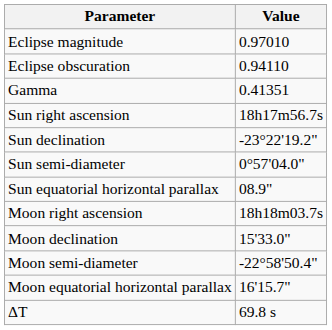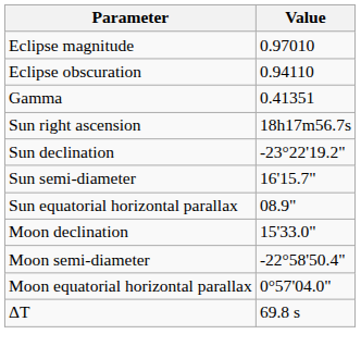 <table class="wikitable">
 <tr>
 <th>Parameter</th>
 <th>Value</th>
 </tr>
 <tr>
 <td>Eclipse magnitude</td>
 <td>0.97010</td>
 </tr>
 <tr>
 <td>Eclipse obscuration</td>
 <td>0.94110</td>
 </tr>
 <tr>
 <td>Gamma</td>
 <td>0.41351</td>
 </tr>
 <tr>
 <td>Sun right ascension</td>
 <td>18h17m56.7s</td>
 </tr>
 <tr>
 <td>Sun declination</td>
 <td>-23°22'19.2"</td>
 </tr>
 <tr>
 <td>Sun semi-diameter</td>
-<td>0°57'04.0"</td>
+<td>16'15.7"</td>
 </tr>
 <tr>
 <td>Sun equatorial horizontal parallax</td>
 <td>08.9"</td>
-</tr>
-<tr>
-<td>Moon right ascension</td>
-<td>18h18m03.7s</td>
 </tr>
 <tr>
 <td>Moon declination</td>
 <td>15'33.0"</td>
 </tr>
 <tr>
 <td>Moon semi-diameter</td>
 <td>-22°58'50.4"</td>
 </tr>
 <tr>
 <td>Moon equatorial horizontal parallax</td>
-<td>16'15.7"</td>
+<td>0°57'04.0"</td>
 </tr>
 <tr>
 <td>ΔT</td>
 <td>69.8 s</td>
 </tr>
 </table>
